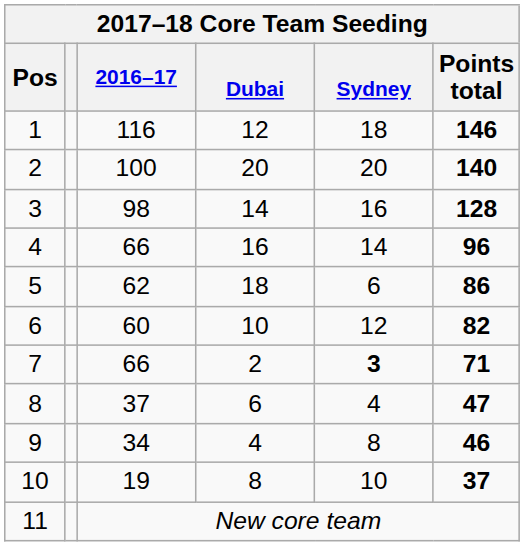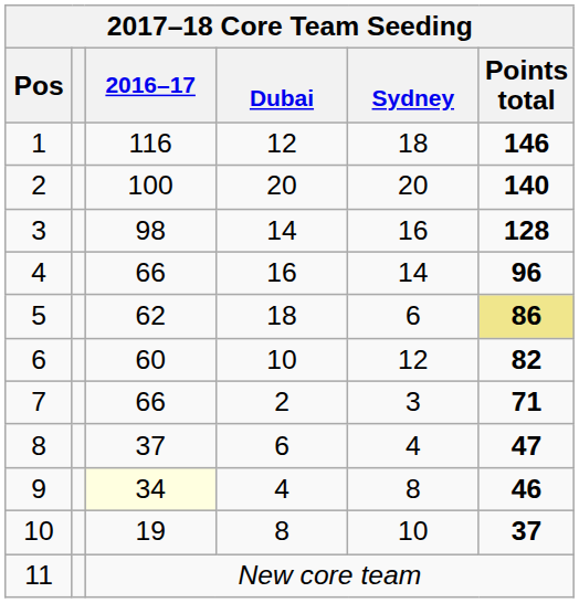 <table class="wikitable" style="text-align:center">
 <tr bgcolor="#efefef">
 <th colspan=13 style="border-right:0px;";>2017–18 Core Team Seeding</th>
 </tr>
 <tr bgcolor="#efefef">
 <th style="width:2em;">Pos</th>
 <th></th>
 <th style="width:5.2em; font-size:85%;"><a href='#'>2016–17</a></th>
 <th style="width:5.2em; font-size:85%;"><br><a href='#'>Dubai</a></th>
 <th style="width:5.2em; font-size:85%;"><br><a href='#'>Sydney</a></th>
 <th>Points<br>total</th>
 </tr>
 <tr>
 <td>1</td>
 <td align=left></td>
 <td>116</td>
 <td>12</td>
 <td>18</td>
 <td><strong>146</strong></td>
 </tr>
 <tr>
 <td>2</td>
 <td align=left></td>
 <td>100</td>
 <td>20</td>
 <td>20</td>
 <td><strong>140</strong></td>
 </tr>
 <tr>
 <td>3</td>
 <td align=left></td>
 <td>98</td>
 <td>14</td>
 <td>16</td>
 <td><strong>128</strong></td>
 </tr>
 <tr>
 <td>4</td>
 <td align=left></td>
 <td>66</td>
 <td>16</td>
 <td>14</td>
 <td><strong>96</strong></td>
 </tr>
 <tr>
 <td>5</td>
 <td align=left></td>
 <td>62</td>
 <td>18</td>
 <td>6</td>
-<td><strong>86</strong></td>
+<td style="background: khaki;"><strong>86</strong></td>
 </tr>
 <tr>
 <td>6</td>
 <td align=left></td>
 <td>60</td>
 <td>10</td>
 <td>12</td>
 <td><strong>82</strong></td>
 </tr>
 <tr>
 <td>7</td>
 <td align=left></td>
 <td>66</td>
 <td>2</td>
-<td><strong>3</strong></td>
+<td>3</td>
 <td><strong>71</strong></td>
 </tr>
 <tr>
 <td>8</td>
 <td align=left></td>
 <td>37</td>
 <td>6</td>
 <td>4</td>
 <td><strong>47</strong></td>
 </tr>
 <tr>
 <td>9</td>
 <td align=left></td>
-<td>34</td>
+<td style="background: lightyellow;">34</td>
 <td>4</td>
 <td>8</td>
 <td><strong>46</strong></td>
 </tr>
 <tr>
 <td>10</td>
 <td align=left></td>
 <td>19</td>
 <td>8</td>
 <td>10</td>
 <td><strong>37</strong></td>
 </tr>
 <tr>
 <td>11</td>
 <td align=left></td>
 <td colspan=4><em>New core team</em></td>
 </tr>
 </table>
